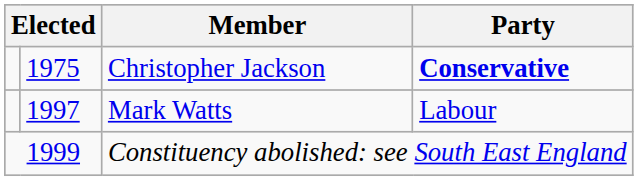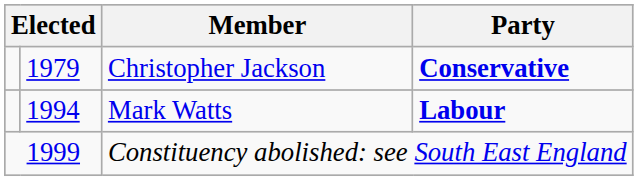 <table class="wikitable">
 <tr>
 <th colspan = "2">Elected</th>
 <th>Member</th>
 <th>Party</th>
 </tr>
 <tr>
 <td style="background-color: "></td>
-<td><a href='#'>1975</a></td>
+<td><a href='#'>1979</a></td>
 <td><a href='#'>Christopher Jackson</a></td>
 <td><strong><a href='#'>Conservative</a></strong></td>
 </tr>
 <tr>
 <td style="background-color: "></td>
-<td><a href='#'>1997</a></td>
+<td><a href='#'>1994</a></td>
 <td><a href='#'>Mark Watts</a></td>
-<td><a href='#'>Labour</a></td>
+<td><strong><a href='#'>Labour</a></strong></td>
 </tr>
 <tr>
 <td colspan="2" align="center"><a href='#'>1999</a></td>
 <td colspan="2"><em>Constituency abolished: see <a href='#'>South East England</a></em></td>
 </tr>
 </table>
